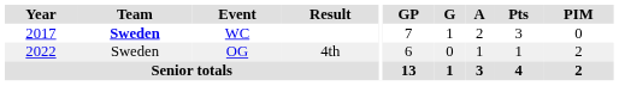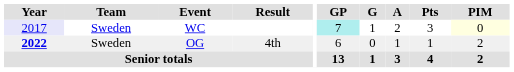 <table border="0" cellpadding="1" cellspacing="0" ID="Table3" style="text-align:center; width:40em">
 <tr ALIGN="center" bgcolor="#e0e0e0">
 <th>Year</th>
 <th>Team</th>
 <th>Event</th>
 <th>Result</th>
 <th rowspan="99" bgcolor="#ffffff"></th>
 <th>GP</th>
 <th>G</th>
 <th>A</th>
 <th>Pts</th>
 <th>PIM</th>
 </tr>
 <tr>
-<td><a href='#'>2017</a></td>
-<td><strong><a href='#'>Sweden</a></strong></td>
+<td style="background: lavender;"><a href='#'>2017</a></td>
+<td><a href='#'>Sweden</a></td>
 <td><a href='#'>WC</a></td>
 <td></td>
-<td>7</td>
+<td style="background: paleturquoise;">7</td>
 <td>1</td>
 <td>2</td>
 <td>3</td>
-<td>0</td>
+<td style="background: lightyellow;">0</td>
 </tr>
 <tr bgcolor="#f0f0f0">
-<td><a href='#'>2022</a></td>
+<td><strong><a href='#'>2022</a></strong></td>
 <td>Sweden</td>
 <td><a href='#'>OG</a></td>
 <td>4th</td>
 <td>6</td>
 <td>0</td>
 <td>1</td>
 <td>1</td>
 <td>2</td>
 </tr>
 <tr bgcolor="#e0e0e0">
 <th colspan="4">Senior totals</th>
 <th>13</th>
 <th>1</th>
 <th>3</th>
 <th>4</th>
 <th>2</th>
 </tr>
 </table>
